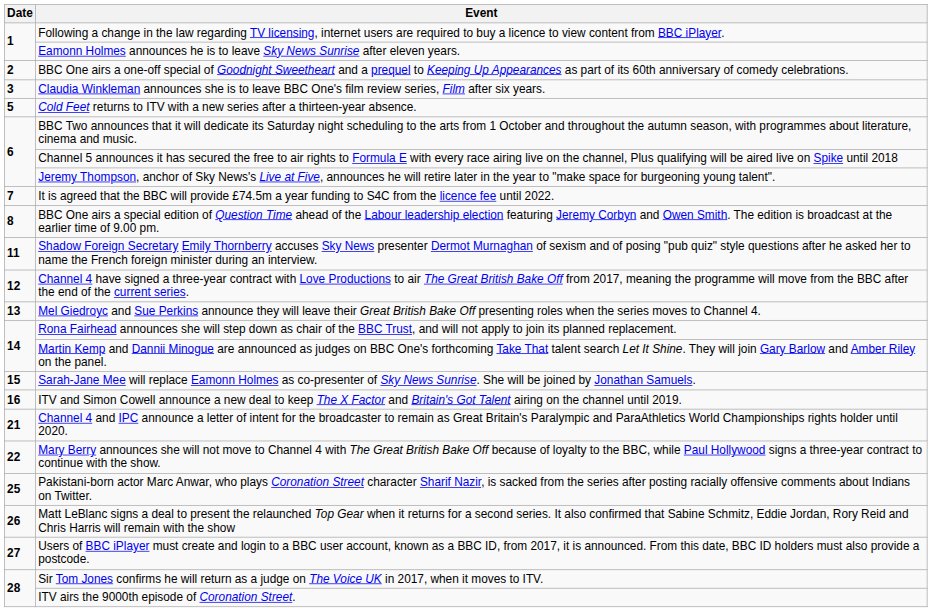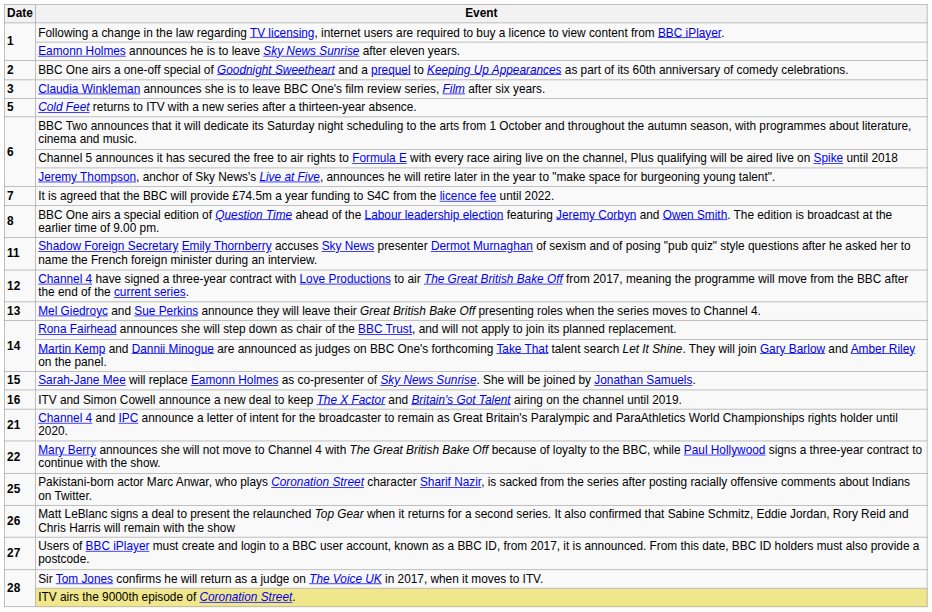 <table class="wikitable">
 <tr>
 <th>Date</th>
 <th>Event</th>
 </tr>
 <tr>
 <td rowspan=2><strong>1</strong></td>
 <td>Following a change in the law regarding <a href='#'>TV licensing</a>, internet users are required to buy a licence to view content from <a href='#'>BBC iPlayer</a>.</td>
 </tr>
 <tr>
 <td><a href='#'>Eamonn Holmes</a> announces he is to leave <em><a href='#'>Sky News Sunrise</a></em> after eleven years.</td>
 </tr>
 <tr>
 <td><strong>2</strong></td>
 <td>BBC One airs a one-off special of <em><a href='#'>Goodnight Sweetheart</a></em> and a <a href='#'>prequel</a> to <em><a href='#'>Keeping Up Appearances</a></em> as part of its 60th anniversary of comedy celebrations.</td>
 </tr>
 <tr>
 <td><strong>3</strong></td>
 <td><a href='#'>Claudia Winkleman</a> announces she is to leave BBC One's film review series, <em><a href='#'>Film</a></em> after six years.</td>
 </tr>
 <tr>
 <td><strong>5</strong></td>
 <td><em><a href='#'>Cold Feet</a></em> returns to ITV with a new series after a thirteen-year absence.</td>
 </tr>
 <tr>
 <td rowspan=3><strong>6</strong></td>
 <td>BBC Two announces that it will dedicate its Saturday night scheduling to the arts from 1 October and throughout the autumn season, with programmes about literature, cinema and music.</td>
 </tr>
 <tr>
 <td>Channel 5 announces it has secured the free to air rights to <a href='#'>Formula E</a> with every race airing live on the channel, Plus qualifying will be aired live on <a href='#'>Spike</a> until 2018</td>
 </tr>
 <tr>
 <td><a href='#'>Jeremy Thompson</a>, anchor of Sky News's <em><a href='#'>Live at Five</a></em>, announces he will retire later in the year to "make space for burgeoning young talent".</td>
 </tr>
 <tr>
 <td><strong>7</strong></td>
 <td>It is agreed that the BBC will provide £74.5m a year funding to S4C from the <a href='#'>licence fee</a> until 2022.</td>
 </tr>
 <tr>
 <td><strong>8</strong></td>
 <td>BBC One airs a special edition of <em><a href='#'>Question Time</a></em> ahead of the <a href='#'>Labour leadership election</a> featuring <a href='#'>Jeremy Corbyn</a> and <a href='#'>Owen Smith</a>. The edition is broadcast at the earlier time of 9.00 pm.</td>
 </tr>
 <tr>
 <td><strong>11</strong></td>
 <td><a href='#'>Shadow Foreign Secretary</a> <a href='#'>Emily Thornberry</a> accuses <a href='#'>Sky News</a> presenter <a href='#'>Dermot Murnaghan</a> of sexism and of posing "pub quiz" style questions after he asked her to name the French foreign minister during an interview.</td>
 </tr>
 <tr>
 <td><strong>12</strong></td>
 <td><a href='#'>Channel 4</a> have signed a three-year contract with <a href='#'>Love Productions</a> to air <em><a href='#'>The Great British Bake Off</a></em> from 2017, meaning the programme will move from the BBC after the end of the <a href='#'>current series</a>.</td>
 </tr>
 <tr>
 <td><strong>13</strong></td>
 <td><a href='#'>Mel Giedroyc</a> and <a href='#'>Sue Perkins</a> announce they will leave their <em>Great British Bake Off</em> presenting roles when the series moves to Channel 4.</td>
 </tr>
 <tr>
 <td rowspan=2><strong>14</strong></td>
 <td><a href='#'>Rona Fairhead</a> announces she will step down as chair of the <a href='#'>BBC Trust</a>, and will not apply to join its planned replacement.</td>
 </tr>
 <tr>
 <td><a href='#'>Martin Kemp</a> and <a href='#'>Dannii Minogue</a> are announced as judges on BBC One's forthcoming <a href='#'>Take That</a> talent search <em>Let It Shine</em>. They will join <a href='#'>Gary Barlow</a> and <a href='#'>Amber Riley</a> on the panel.</td>
 </tr>
 <tr>
 <td><strong>15</strong></td>
 <td><a href='#'>Sarah-Jane Mee</a> will replace <a href='#'>Eamonn Holmes</a> as co-presenter of <em><a href='#'>Sky News Sunrise</a></em>. She will be joined by <a href='#'>Jonathan Samuels</a>.</td>
 </tr>
 <tr>
 <td><strong>16</strong></td>
 <td>ITV and Simon Cowell announce a new deal to keep <em><a href='#'>The X Factor</a></em> and <em><a href='#'>Britain's Got Talent</a></em> airing on the channel until 2019.</td>
 </tr>
 <tr>
 <td><strong>21</strong></td>
 <td><a href='#'>Channel 4</a> and <a href='#'>IPC</a> announce a letter of intent for the broadcaster to remain as Great Britain's Paralympic and ParaAthletics World Championships rights holder until 2020.</td>
 </tr>
 <tr>
 <td><strong>22</strong></td>
 <td><a href='#'>Mary Berry</a> announces she will not move to Channel 4 with <em>The Great British Bake Off</em> because of loyalty to the BBC, while <a href='#'>Paul Hollywood</a> signs a three-year contract to continue with the show.</td>
 </tr>
 <tr>
 <td><strong>25</strong></td>
 <td>Pakistani-born actor Marc Anwar, who plays <em><a href='#'>Coronation Street</a></em> character <a href='#'>Sharif Nazir</a>, is sacked from the series after posting racially offensive comments about Indians on Twitter.</td>
 </tr>
 <tr>
 <td><strong>26</strong></td>
 <td>Matt LeBlanc signs a deal to present the relaunched <em>Top Gear</em> when it returns for a second series. It also confirmed that Sabine Schmitz, Eddie Jordan, Rory Reid and Chris Harris will remain with the show</td>
 </tr>
 <tr>
 <td><strong>27</strong></td>
 <td>Users of <a href='#'>BBC iPlayer</a> must create and login to a BBC user account, known as a BBC ID, from 2017, it is announced. From this date, BBC ID holders must also provide a postcode.</td>
 </tr>
 <tr>
 <td rowspan=2><strong>28</strong></td>
 <td>Sir <a href='#'>Tom Jones</a> confirms he will return as a judge on <em><a href='#'>The Voice UK</a></em> in 2017, when it moves to ITV.</td>
 </tr>
 <tr>
-<td>ITV airs the 9000th episode of <em><a href='#'>Coronation Street</a></em>.</td>
+<td style="background: khaki;">ITV airs the 9000th episode of <em><a href='#'>Coronation Street</a></em>.</td>
 </tr>
 </table>
